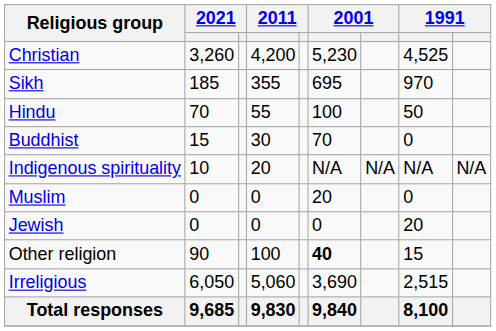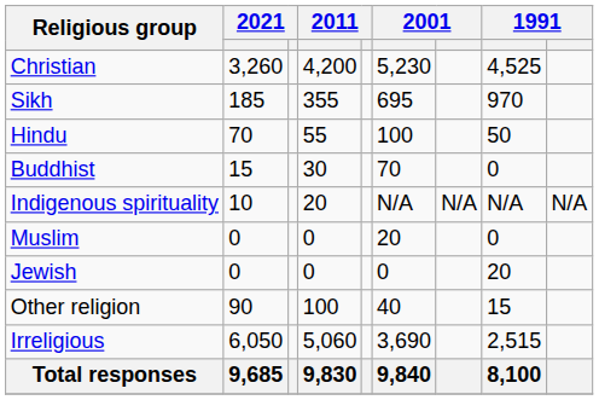 <table class="wikitable collapsible sortable">
 <tr>
 <th rowspan="2">Religious group</th>
 <th colspan="2"><a href='#'>2021</a></th>
 <th colspan="2"><a href='#'>2011</a></th>
 <th colspan="2"><a href='#'>2001</a></th>
 <th colspan="2"><a href='#'>1991</a></th>
 </tr>
 <tr>
 <th><a href='#'></a></th>
 <th></th>
 <th></th>
 <th></th>
 <th></th>
 <th></th>
 <th></th>
 <th></th>
 </tr>
 <tr>
 <td><a href='#'>Christian</a></td>
 <td>3,260</td>
 <td></td>
 <td>4,200</td>
 <td></td>
 <td>5,230</td>
 <td></td>
 <td>4,525</td>
 <td></td>
 </tr>
 <tr>
 <td><a href='#'>Sikh</a></td>
 <td>185</td>
 <td></td>
 <td>355</td>
 <td></td>
 <td>695</td>
 <td></td>
 <td>970</td>
 <td></td>
 </tr>
 <tr>
 <td><a href='#'>Hindu</a></td>
 <td>70</td>
 <td></td>
 <td>55</td>
 <td></td>
 <td>100</td>
 <td></td>
 <td>50</td>
 <td></td>
 </tr>
 <tr>
 <td><a href='#'>Buddhist</a></td>
 <td>15</td>
 <td></td>
 <td>30</td>
 <td></td>
 <td>70</td>
 <td></td>
 <td>0</td>
 <td></td>
 </tr>
 <tr>
 <td><a href='#'>Indigenous spirituality</a></td>
 <td>10</td>
 <td></td>
 <td>20</td>
 <td></td>
 <td>N/A</td>
 <td>N/A</td>
 <td>N/A</td>
 <td>N/A</td>
 </tr>
 <tr>
 <td><a href='#'>Muslim</a></td>
 <td>0</td>
 <td></td>
 <td>0</td>
 <td></td>
 <td>20</td>
 <td></td>
 <td>0</td>
 <td></td>
 </tr>
 <tr>
 <td><a href='#'>Jewish</a></td>
 <td>0</td>
 <td></td>
 <td>0</td>
 <td></td>
 <td>0</td>
 <td></td>
 <td>20</td>
 <td></td>
 </tr>
 <tr>
 <td>Other religion</td>
 <td>90</td>
 <td></td>
 <td>100</td>
 <td></td>
-<td><strong>40</strong></td>
+<td>40</td>
 <td></td>
 <td>15</td>
 <td></td>
 </tr>
 <tr>
 <td><a href='#'>Irreligious</a></td>
 <td>6,050</td>
 <td></td>
 <td>5,060</td>
 <td></td>
 <td>3,690</td>
 <td></td>
 <td>2,515</td>
 <td></td>
 </tr>
 <tr class="sortbottom">
 <th>Total responses</th>
 <th>9,685</th>
 <th></th>
 <th>9,830</th>
 <th></th>
 <th>9,840</th>
 <th></th>
 <th>8,100</th>
 <th></th>
 </tr>
 <tr>
 </tr>
 </table>
